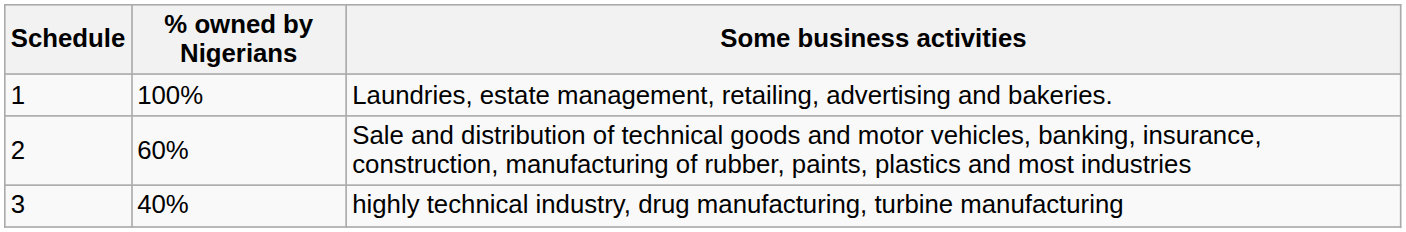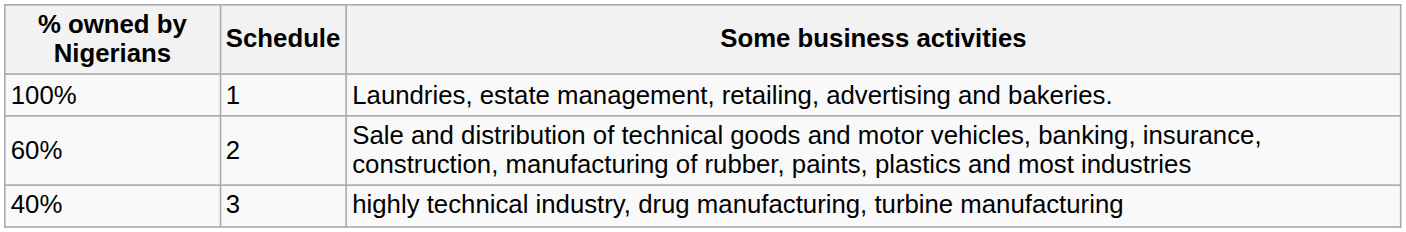 <table class="wikitable sortable">
 <tr>
+<th>% owned by Nigerians</th>
 <th>Schedule</th>
-<th>% owned by Nigerians</th>
 <th>Some business activities</th>
 </tr>
 <tr>
+<td>100%</td>
 <td>1</td>
-<td>100%</td>
 <td>Laundries, estate management, retailing, advertising and bakeries.</td>
 </tr>
 <tr>
+<td>60%</td>
 <td>2</td>
-<td>60%</td>
 <td>Sale and distribution of technical goods and motor vehicles, banking, insurance, construction, manufacturing of rubber, paints, plastics and most industries</td>
 </tr>
 <tr>
+<td>40%</td>
 <td>3</td>
-<td>40%</td>
 <td>highly technical industry, drug manufacturing, turbine manufacturing</td>
 </tr>
 </table>
